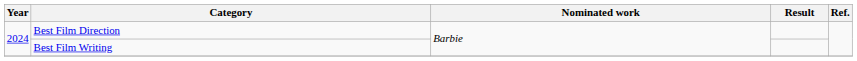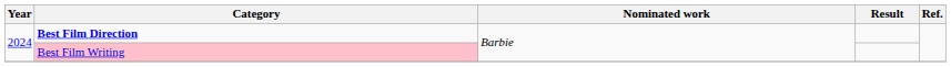 <table class=wikitable>
 <tr>
 <th scope="col" style="width:1em;">Year</th>
 <th scope="col" style="width:39em;">Category</th>
 <th scope="col" style="width:33em;">Nominated work</th>
 <th scope="col" style="width:5em;">Result</th>
 <th scope="col" style="width:1em;">Ref.</th>
 </tr>
 <tr>
 <td rowspan="2"><a href='#'>2024</a></td>
-<td><a href='#'>Best Film Direction</a></td>
+<td><strong><a href='#'>Best Film Direction</a></strong></td>
 <td rowspan="2"><em>Barbie</em></td>
 <td></td>
 <td style="text-align:center;" rowspan="2"></td>
 </tr>
 <tr>
-<td><a href='#'>Best Film Writing</a></td>
+<td style="background: pink;"><a href='#'>Best Film Writing</a></td>
 <td></td>
 </tr>
 <tr>
 </tr>
 </table>
